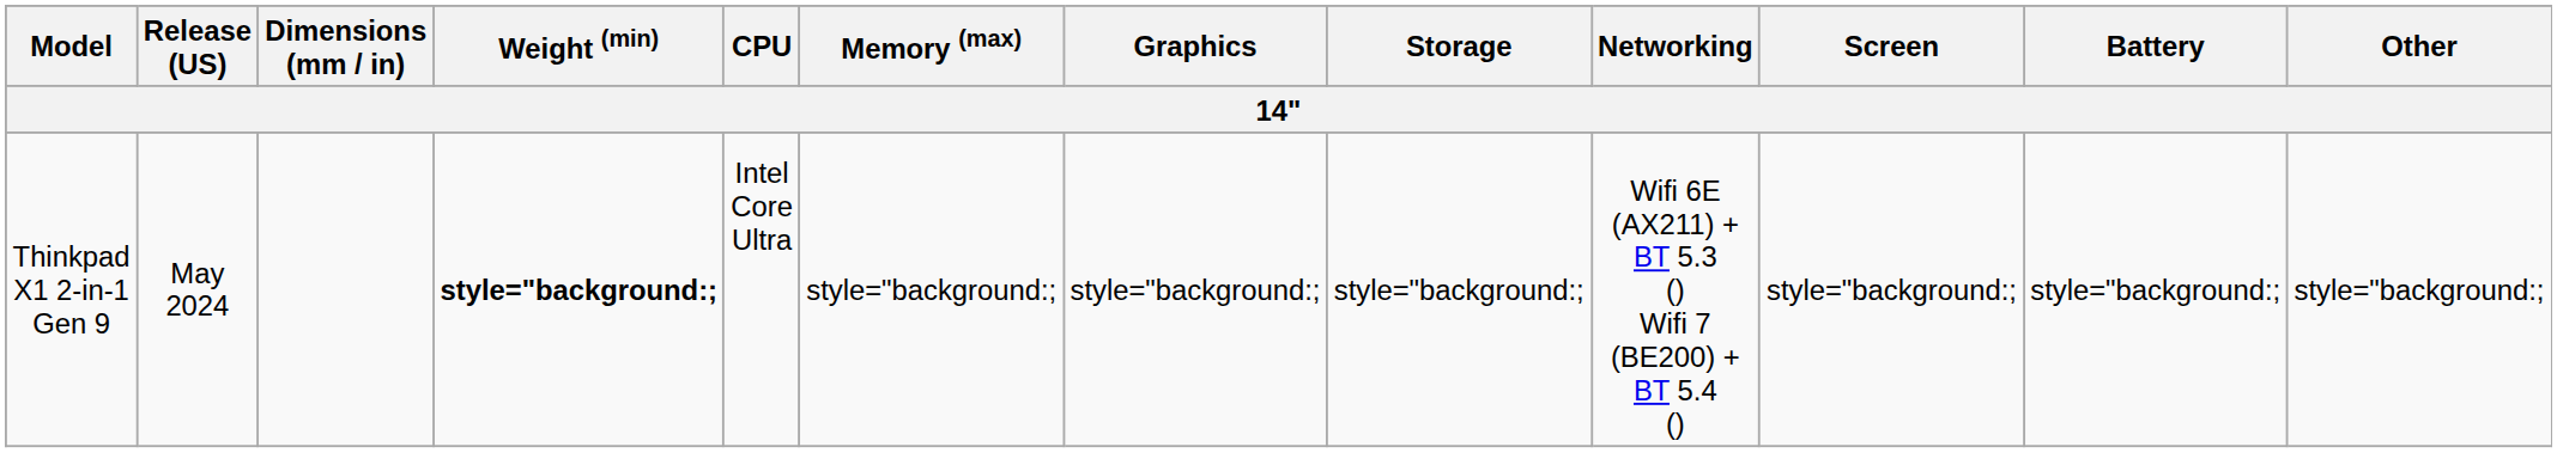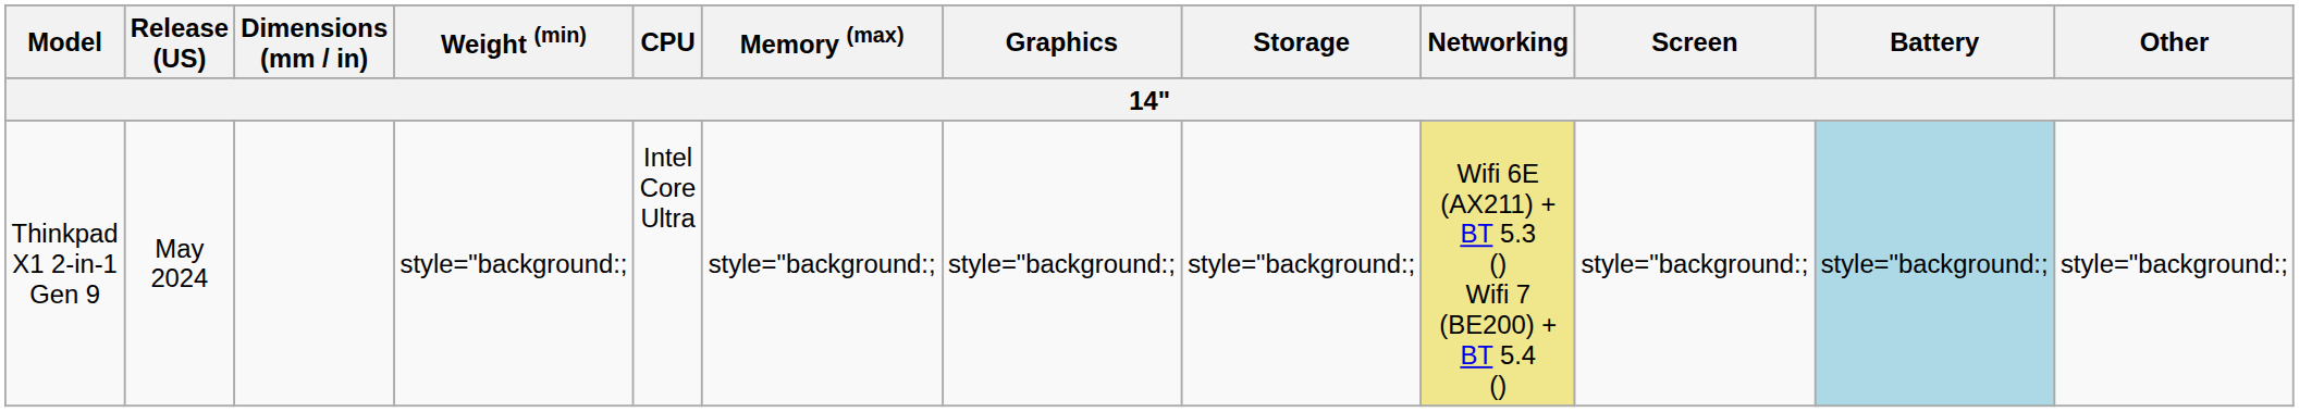 <table class="wikitable" style="font-size: 80%; text-align: center; min-width: 80%;">
 <tr>
 <th>Model</th>
 <th>Release (US)</th>
 <th>Dimensions (mm / in)</th>
 <th>Weight <sup>(min)</sup></th>
 <th style="width:17%">CPU</th>
 <th>Memory <sup>(max)</sup></th>
 <th>Graphics</th>
 <th>Storage</th>
 <th>Networking</th>
 <th>Screen</th>
 <th>Battery</th>
 <th>Other</th>
 </tr>
 <tr>
 <th colspan=12>14"</th>
 </tr>
 <tr>
 <td>Thinkpad X1 2-in-1 <br>Gen 9 </td>
 <td>May 2024</td>
 <td></td>
-<td><strong>style="background:;</strong></td>
+<td>style="background:;</td>
 <td style="background:">Intel Core Ultra <br><br><br><br><br><br></td>
 <td>style="background:;</td>
 <td>style="background:;</td>
 <td>style="background:;</td>
-<td><br>Wifi 6E (AX211) + <a href='#'>BT</a> 5.3 <br>()<br>Wifi 7 (BE200) + <a href='#'>BT</a> 5.4 <br>()<br></td>
+<td style="background: khaki;"><br>Wifi 6E (AX211) + <a href='#'>BT</a> 5.3 <br>()<br>Wifi 7 (BE200) + <a href='#'>BT</a> 5.4 <br>()<br></td>
 <td>style="background:;</td>
-<td>style="background:;</td>
+<td style="background: lightblue;">style="background:;</td>
 <td>style="background:;</td>
 </tr>
 </table>
